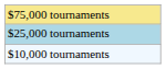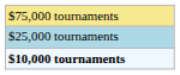 <table class="wikitable" style="font-size:85%;" width=14%>
 <tr style="background:#f7e98e;">
 <td>$75,000 tournaments</td>
 </tr>
 <tr style="background:lightblue;">
 <td>$25,000 tournaments</td>
 </tr>
 <tr style="background:#f0f8ff;">
-<td>$10,000 tournaments</td>
+<td><strong>$10,000 tournaments</strong></td>
 </tr>
 </table>
